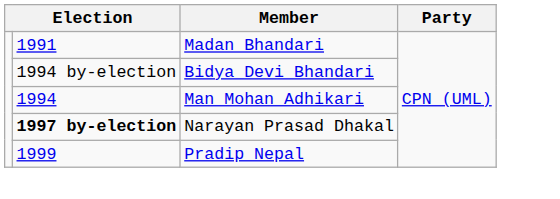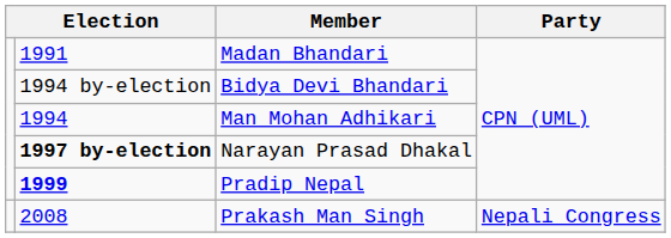 <table class="wikitable">
 <tr>
 <th colspan="2">Election</th>
 <th>Member</th>
 <th>Party</th>
 </tr>
 <tr>
 <td rowspan="5" style="background-color:"></td>
 <td><a href='#'>1991</a></td>
 <td><a href='#'>Madan Bhandari</a></td>
 <td rowspan="5"><a href='#'>CPN (UML)</a></td>
 </tr>
 <tr>
 <td>1994 by-election</td>
 <td><a href='#'>Bidya Devi Bhandari</a></td>
 </tr>
 <tr>
 <td><a href='#'>1994</a></td>
 <td><a href='#'>Man Mohan Adhikari</a></td>
 </tr>
 <tr>
 <td><strong>1997 by-election</strong></td>
 <td>Narayan Prasad Dhakal</td>
 </tr>
 <tr>
-<td><a href='#'>1999</a></td>
+<td><strong><a href='#'>1999</a></strong></td>
 <td><a href='#'>Pradip Nepal</a></td>
 </tr>
+<tr>
+<td style="background-color:"></td>
+<td><a href='#'>2008</a></td>
+<td><a href='#'>Prakash Man Singh</a></td>
+<td><a href='#'>Nepali Congress</a></td>
+</tr>
 </table>
